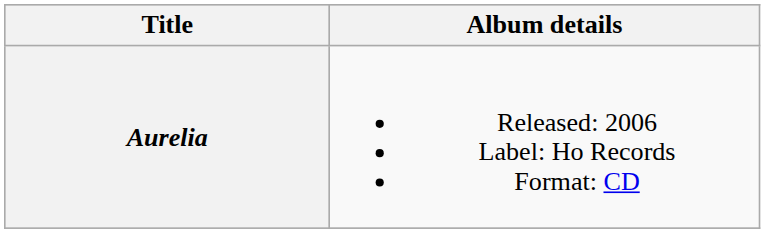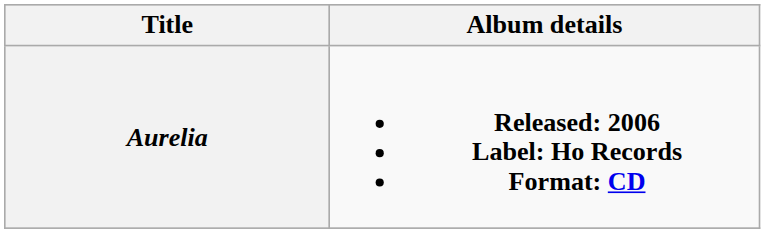 <table class="wikitable plainrowheaders" style="text-align:center;" border="1">
 <tr>
 <th scope="col" rowspan="1" style="width:12em;">Title</th>
 <th scope="col" rowspan="1" style="width:16em;">Album details</th>
 </tr>
 <tr>
 <th scope="row"><em>Aurelia</em></th>
-<td><br><ul><li>Released: 2006</li><li>Label: Ho Records</li><li>Format: <a href='#'>CD</a></li></ul></td>
+<td><strong><br><ul><li>Released: 2006</li><li>Label: Ho Records</li><li>Format: <a href='#'>CD</a></li></ul></strong></td>
 </tr>
 </table>
